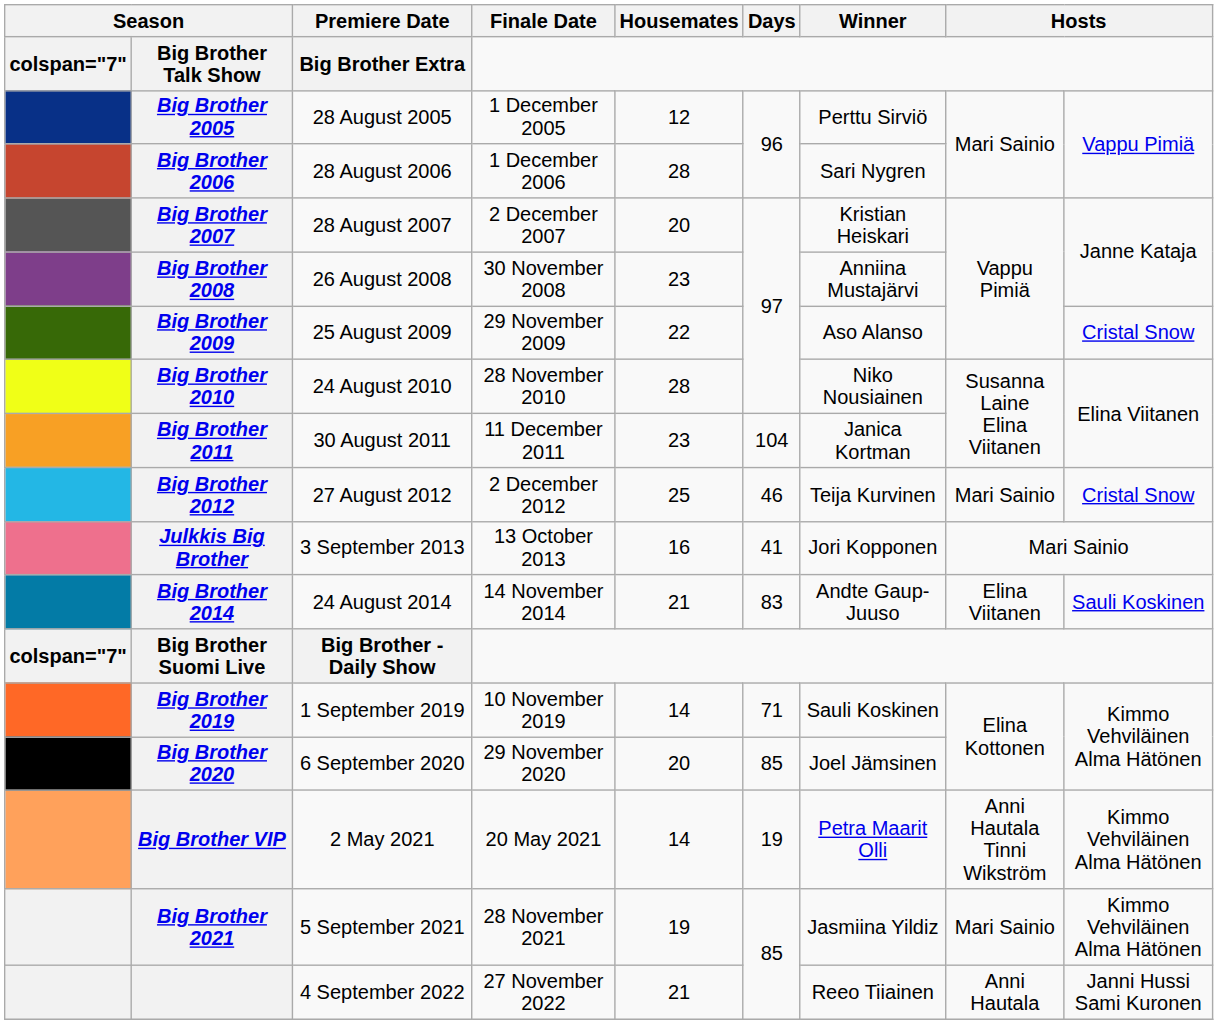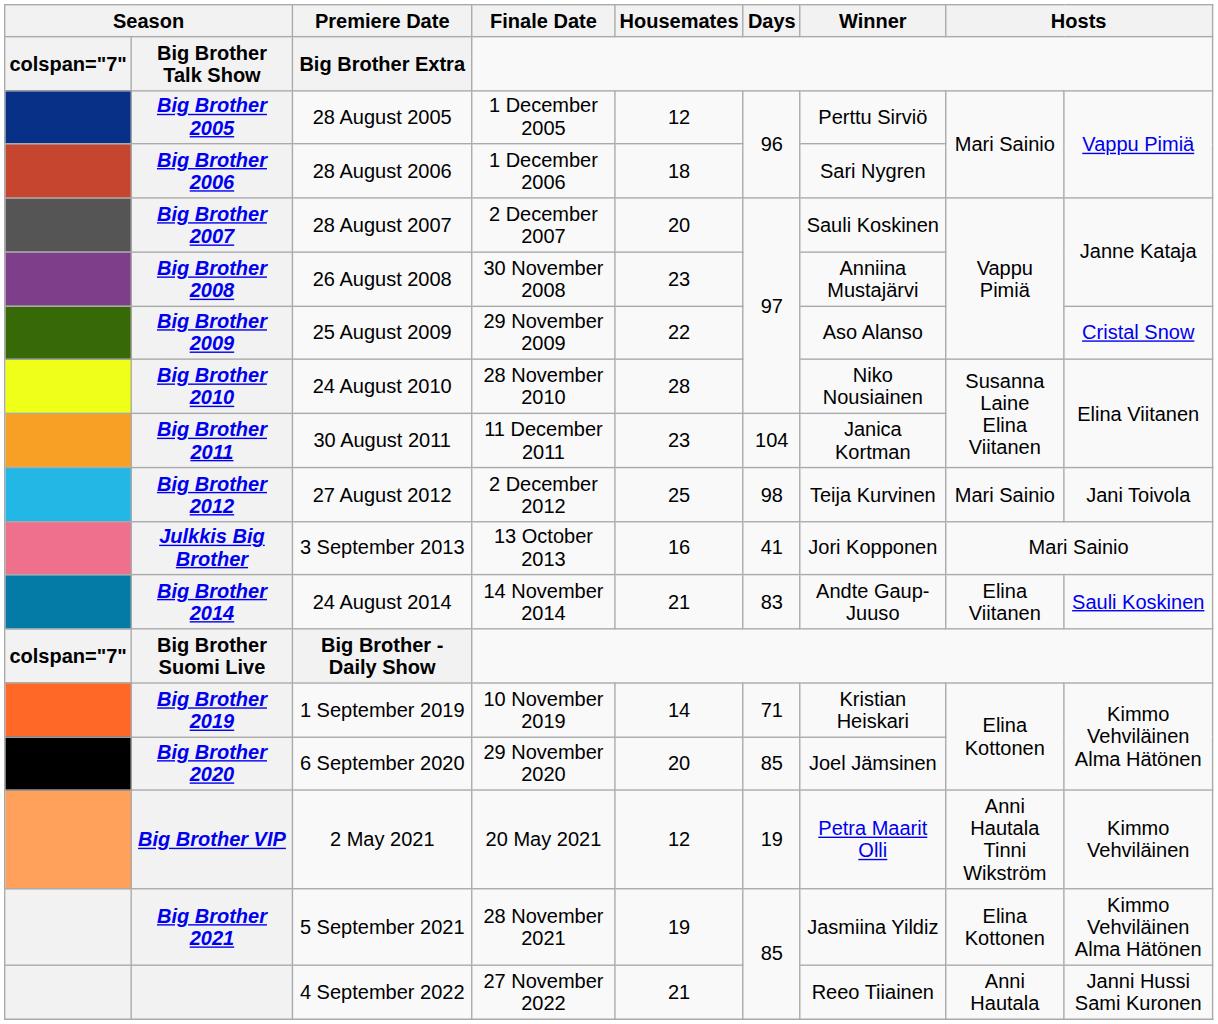 <table class="wikitable" style="text-align:center; font-size:90%">
 <tr>
 <th colspan="2">Season</th>
 <th>Premiere Date</th>
 <th>Finale Date</th>
 <th>Housemates</th>
 <th>Days</th>
 <th>Winner</th>
 <th colspan="2">Hosts</th>
 </tr>
 <tr>
 <th>colspan="7" </th>
 <th>Big Brother Talk Show</th>
 <th>Big Brother Extra</th>
 </tr>
 <tr>
 <th style="background:#083087"></th>
 <th align="left"><a href='#'><em>Big Brother 2005</em></a></th>
 <td>28 August 2005</td>
 <td>1 December 2005</td>
 <td>12</td>
 <td rowspan="2">96</td>
 <td>Perttu Sirviö</td>
 <td rowspan="2">Mari Sainio</td>
 <td rowspan="2"><a href='#'>Vappu Pimiä</a></td>
 </tr>
 <tr>
 <th style="background:#C6452F"></th>
 <th align="left"><a href='#'><em>Big Brother 2006</em></a></th>
 <td>28 August 2006</td>
 <td>1 December 2006</td>
-<td>28</td>
+<td>18</td>
 <td>Sari Nygren</td>
 </tr>
 <tr>
 <th style="background:#555555"></th>
 <th align="left"><a href='#'><em>Big Brother 2007</em></a></th>
 <td>28 August 2007</td>
 <td>2 December 2007</td>
 <td>20</td>
 <td rowspan="4">97</td>
-<td>Kristian Heiskari</td>
+<td>Sauli Koskinen</td>
 <td rowspan="3">Vappu Pimiä</td>
 <td rowspan="2">Janne Kataja</td>
 </tr>
 <tr>
 <th style="background:#7E3E8A"></th>
 <th align="left"><a href='#'><em>Big Brother 2008</em></a></th>
 <td>26 August 2008</td>
 <td>30 November 2008</td>
 <td>23</td>
 <td>Anniina Mustajärvi</td>
 </tr>
 <tr>
 <th style="background:#376907"></th>
 <th align="left"><a href='#'><em>Big Brother 2009</em></a></th>
 <td>25 August 2009</td>
 <td>29 November 2009</td>
 <td>22</td>
 <td>Aso Alanso</td>
 <td><a href='#'>Cristal Snow</a></td>
 </tr>
 <tr>
 <th style="background:#F0FF17"></th>
 <th align="left"><a href='#'><em>Big Brother 2010</em></a></th>
 <td>24 August 2010</td>
 <td>28 November 2010</td>
 <td>28</td>
 <td>Niko Nousiainen</td>
 <td rowspan="2">Susanna Laine<br>Elina Viitanen</td>
 <td rowspan="2">Elina Viitanen</td>
 </tr>
 <tr>
 <th style="background:#F8A024"></th>
 <th align="left"><a href='#'><em>Big Brother 2011</em></a></th>
 <td>30 August 2011</td>
 <td>11 December 2011</td>
 <td>23</td>
 <td>104</td>
 <td>Janica Kortman</td>
 </tr>
 <tr>
 <th style="background:#23B7E5"></th>
 <th align="left"><a href='#'><em>Big Brother 2012</em></a></th>
 <td>27 August 2012</td>
 <td>2 December 2012</td>
 <td>25</td>
-<td>46</td>
+<td>98</td>
 <td>Teija Kurvinen</td>
 <td>Mari Sainio</td>
-<td><a href='#'>Cristal Snow</a></td>
+<td>Jani Toivola</td>
 </tr>
 <tr>
 <th style="background:#EE708D"></th>
 <th align="left"><a href='#'><em>Julkkis Big Brother</em></a></th>
 <td>3 September 2013</td>
 <td>13 October 2013</td>
 <td>16</td>
 <td>41</td>
 <td>Jori Kopponen</td>
 <td colspan="2">Mari Sainio</td>
 </tr>
 <tr>
 <th style="background:#037BA6"></th>
 <th align="left"><a href='#'><em>Big Brother 2014</em></a></th>
 <td>24 August 2014</td>
 <td>14 November 2014</td>
 <td>21</td>
 <td>83</td>
 <td>Andte Gaup-Juuso</td>
 <td>Elina Viitanen</td>
 <td><a href='#'>Sauli Koskinen</a></td>
 </tr>
 <tr>
 <th>colspan="7" </th>
 <th>Big Brother Suomi Live</th>
 <th>Big Brother - Daily Show</th>
 </tr>
 <tr>
 <th style="background:#FF6826"></th>
 <th align="left"><a href='#'><em>Big Brother 2019</em></a></th>
 <td>1 September 2019</td>
 <td>10 November 2019</td>
 <td>14</td>
 <td>71</td>
-<td>Sauli Koskinen</td>
+<td>Kristian Heiskari</td>
 <td rowspan="2">Elina Kottonen</td>
 <td rowspan="2">Kimmo Vehviläinen<br>Alma Hätönen</td>
 </tr>
 <tr>
 <th style="background:#000"></th>
 <th align="left"><a href='#'><em>Big Brother 2020</em></a></th>
 <td>6 September 2020</td>
 <td>29 November 2020</td>
 <td>20</td>
 <td>85</td>
 <td>Joel Jämsinen</td>
 </tr>
 <tr>
 <th style="background:#FFA15B"></th>
 <th><em><a href='#'>Big Brother VIP</a></em></th>
 <td>2 May 2021</td>
 <td>20 May 2021</td>
-<td>14</td>
+<td>12</td>
 <td>19</td>
 <td><a href='#'>Petra Maarit Olli</a></td>
 <td>Anni Hautala<br>Tinni Wikström</td>
-<td>Kimmo Vehviläinen<br>Alma Hätönen</td>
+<td>Kimmo Vehviläinen</td>
 </tr>
 <tr>
 <th style="background:# "></th>
 <th><em><a href='#'>Big Brother 2021</a></em></th>
 <td>5 September 2021</td>
 <td>28 November 2021</td>
 <td>19</td>
 <td rowspan="2">85</td>
 <td>Jasmiina Yildiz</td>
-<td>Mari Sainio</td>
+<td>Elina Kottonen</td>
 <td>Kimmo Vehviläinen<br>Alma Hätönen</td>
 </tr>
 <tr>
 <th style="background:# "></th>
 <th><em></em></th>
 <td>4 September 2022</td>
 <td>27 November 2022</td>
 <td>21</td>
 <td>Reeo Tiiainen</td>
 <td>Anni Hautala</td>
 <td>Janni Hussi<br>Sami Kuronen</td>
 </tr>
 <tr>
 </tr>
 </table>
